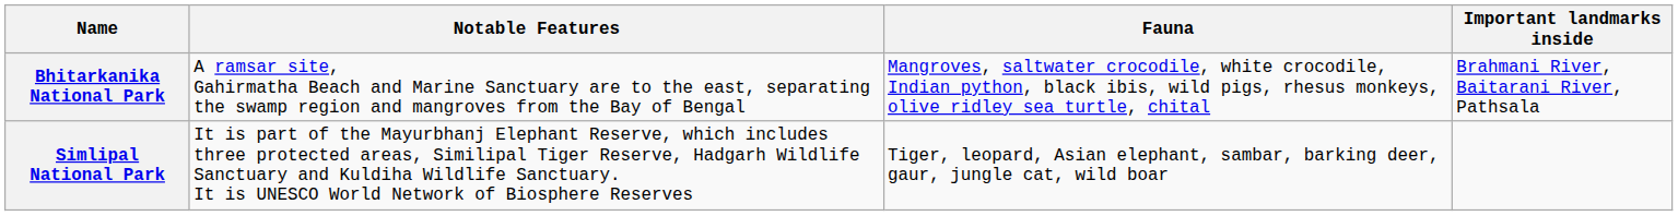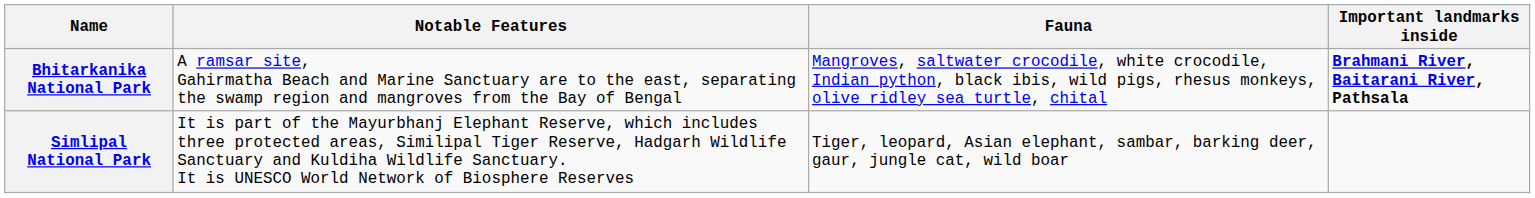 <table class="wikitable sortable">
 <tr>
 <th>Name</th>
 <th>Notable Features</th>
 <th>Fauna</th>
 <th>Important landmarks inside</th>
 </tr>
 <tr>
 <th><a href='#'>Bhitarkanika National Park</a></th>
 <td>A <a href='#'>ramsar site</a>,<br>Gahirmatha Beach and Marine Sanctuary are to the east, separating the swamp region and mangroves from the Bay of Bengal</td>
 <td><a href='#'>Mangroves</a>, <a href='#'>saltwater crocodile</a>, white crocodile, <a href='#'>Indian python</a>, black ibis, wild pigs, rhesus monkeys, <a href='#'>olive ridley sea turtle</a>, <a href='#'>chital</a></td>
-<td><a href='#'>Brahmani River</a>, <a href='#'>Baitarani River</a>, Pathsala</td>
+<td><strong><a href='#'>Brahmani River</a>, <a href='#'>Baitarani River</a>, Pathsala</strong></td>
 </tr>
 <tr>
 <th><a href='#'>Simlipal National Park</a></th>
 <td>It is part of the Mayurbhanj Elephant Reserve, which includes three protected areas, Similipal Tiger Reserve, Hadgarh Wildlife Sanctuary  and Kuldiha Wildlife Sanctuary.<br>It is UNESCO World Network of Biosphere Reserves</td>
 <td>Tiger, leopard, Asian elephant, sambar, barking deer, gaur, jungle cat, wild boar</td>
 </tr>
 </table>
